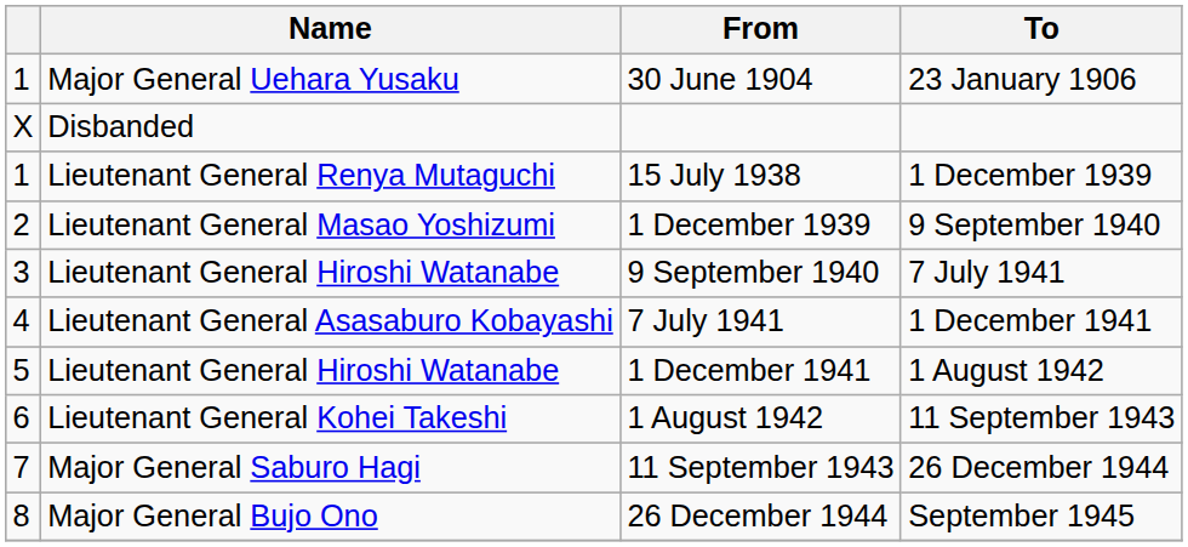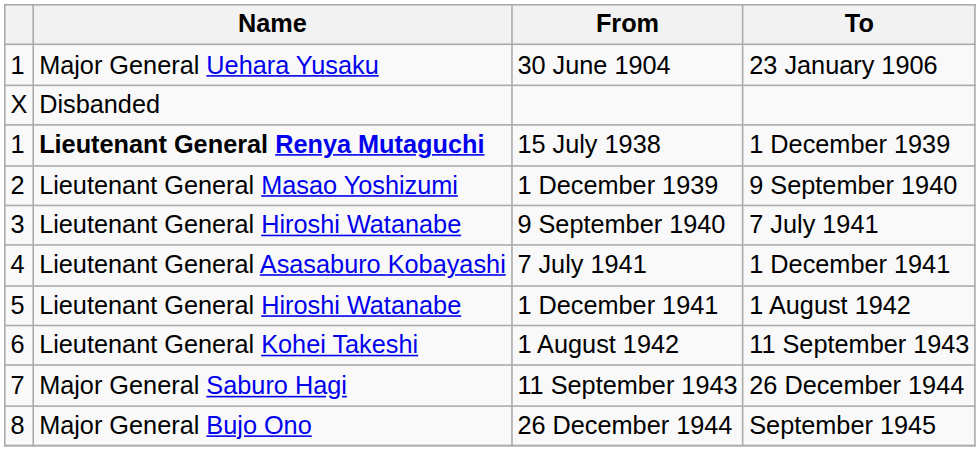 <table class=wikitable>
 <tr>
 <th></th>
 <th>Name</th>
 <th>From</th>
 <th>To</th>
 </tr>
 <tr>
 <td>1</td>
 <td>Major General <a href='#'>Uehara Yusaku</a></td>
 <td>30 June 1904</td>
 <td>23 January 1906</td>
 </tr>
 <tr>
 <td>X</td>
 <td>Disbanded</td>
 <td></td>
 <td></td>
 </tr>
 <tr>
 <td>1</td>
-<td>Lieutenant General <a href='#'>Renya Mutaguchi</a></td>
+<td><strong>Lieutenant General <a href='#'>Renya Mutaguchi</a></strong></td>
 <td>15 July 1938</td>
 <td>1 December 1939</td>
 </tr>
 <tr>
 <td>2</td>
 <td>Lieutenant General <a href='#'>Masao Yoshizumi</a></td>
 <td>1 December 1939</td>
 <td>9 September 1940</td>
 </tr>
 <tr>
 <td>3</td>
 <td>Lieutenant General <a href='#'>Hiroshi Watanabe</a></td>
 <td>9 September 1940</td>
 <td>7 July 1941</td>
 </tr>
 <tr>
 <td>4</td>
 <td>Lieutenant General <a href='#'>Asasaburo Kobayashi</a></td>
 <td>7 July 1941</td>
 <td>1 December 1941</td>
 </tr>
 <tr>
 <td>5</td>
 <td>Lieutenant General <a href='#'>Hiroshi Watanabe</a></td>
 <td>1 December 1941</td>
 <td>1 August 1942</td>
 </tr>
 <tr>
 <td>6</td>
 <td>Lieutenant General <a href='#'>Kohei Takeshi</a></td>
 <td>1 August 1942</td>
 <td>11 September 1943</td>
 </tr>
 <tr>
 <td>7</td>
 <td>Major General <a href='#'>Saburo Hagi</a></td>
 <td>11 September 1943</td>
 <td>26 December 1944</td>
 </tr>
 <tr>
 <td>8</td>
 <td>Major General <a href='#'>Bujo Ono</a></td>
 <td>26 December 1944</td>
 <td>September 1945</td>
 </tr>
 <tr>
 </tr>
 </table>
